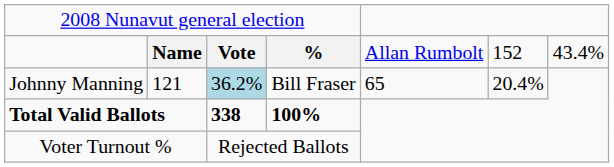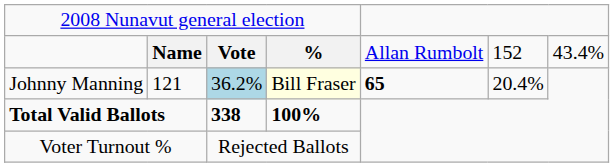 <table class="wikitable">
 <tr>
 <td colspan=4 align=center><a href='#'>2008 Nunavut general election</a></td>
 </tr>
 <tr>
 <td></td>
 <th><strong>Name </strong></th>
 <th><strong>Vote</strong></th>
 <th><strong>%</strong><br></th>
 <td><a href='#'>Allan Rumbolt</a></td>
 <td>152</td>
 <td>43.4%</td>
 </tr>
 <tr>
 <td>Johnny Manning</td>
 <td>121</td>
 <td style="background: lightblue;">36.2%<br></td>
-<td>Bill Fraser</td>
-<td>65</td>
+<td style="background: lightyellow;">Bill Fraser</td>
+<td><strong>65</strong></td>
 <td>20.4%</td>
 </tr>
 <tr>
 <td colspan=2><strong>Total Valid Ballots</strong></td>
 <td><strong>338</strong></td>
 <td><strong>100%</strong></td>
 </tr>
 <tr>
 <td colspan=2 align=center>Voter Turnout %</td>
 <td colspan=2 align=center>Rejected Ballots</td>
 </tr>
 </table>
